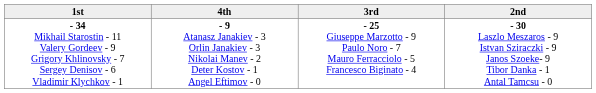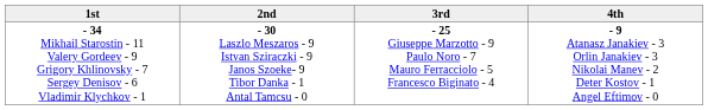 <table border=1 cellpadding=2 cellspacing=0 width=75% style="border-collapse:collapse">
 <tr align=center style="background:#efefef;">
 <th width=20% >1st</th>
+<th width=20% >2nd</th>
+<th width=20% >3rd</th>
 <th width=20%>4th</th>
-<th width=20% >3rd</th>
-<th width=20% >2nd</th>
 </tr>
 <tr align=center>
 <td valign=top ><strong> - 34</strong><br><a href='#'>Mikhail Starostin</a> - 11<br><a href='#'>Valery Gordeev</a> - 9<br><a href='#'>Grigory Khlinovsky</a> - 7<br><a href='#'>Sergey Denisov</a> - 6<br><a href='#'>Vladimir Klychkov</a> - 1</td>
+<td valign=top ><strong> - 30</strong><br><a href='#'>Laszlo Meszaros</a> - 9<br><a href='#'>Istvan Sziraczki</a> - 9<br><a href='#'>Janos Szoeke</a>- 9<br><a href='#'>Tibor Danka</a> - 1<br><a href='#'>Antal Tamcsu</a> - 0</td>
+<td valign=top ><strong> - 25</strong><br><a href='#'>Giuseppe Marzotto</a> - 9<br><a href='#'>Paulo Noro</a> - 7<br><a href='#'>Mauro Ferracciolo</a> - 5<br><a href='#'>Francesco Biginato</a> - 4</td>
 <td valign=top><strong> - 9</strong><br><a href='#'>Atanasz Janakiev</a> - 3<br><a href='#'>Orlin Janakiev</a> - 3<br><a href='#'>Nikolai Manev</a> - 2<br><a href='#'>Deter Kostov</a>  - 1<br><a href='#'>Angel Eftimov</a> - 0</td>
-<td valign=top ><strong> - 25</strong><br><a href='#'>Giuseppe Marzotto</a> - 9<br><a href='#'>Paulo Noro</a> - 7<br><a href='#'>Mauro Ferracciolo</a> - 5<br><a href='#'>Francesco Biginato</a> - 4</td>
-<td valign=top ><strong> - 30</strong><br><a href='#'>Laszlo Meszaros</a> - 9<br><a href='#'>Istvan Sziraczki</a> - 9<br><a href='#'>Janos Szoeke</a>- 9<br><a href='#'>Tibor Danka</a> - 1<br><a href='#'>Antal Tamcsu</a> - 0</td>
 </tr>
 </table>
